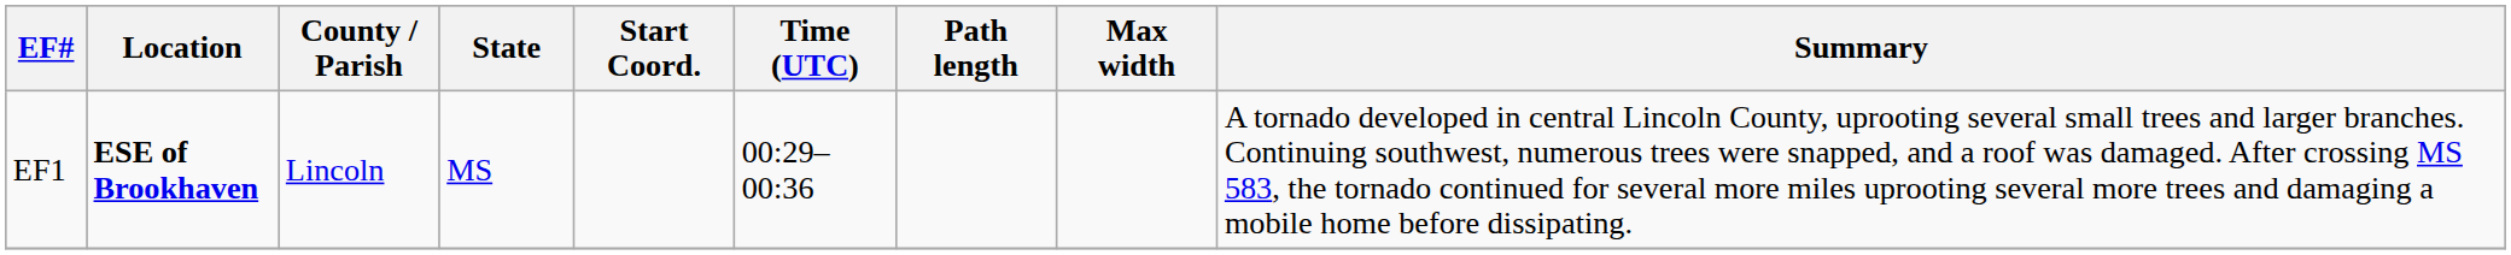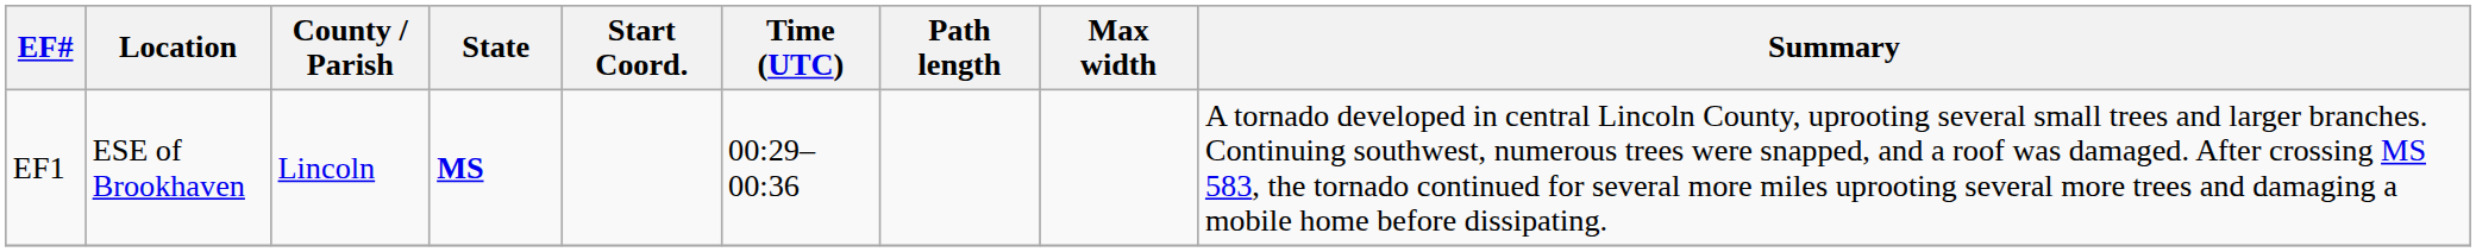 <table class="wikitable sortable" style="width:100%;">
 <tr>
 <th scope="col"  style="width:3%; text-align:center;"><a href='#'>EF#</a></th>
 <th scope="col"  style="width:7%; text-align:center;" class="unsortable">Location</th>
 <th scope="col"  style="width:6%; text-align:center;" class="unsortable">County / Parish</th>
 <th scope="col"  style="width:5%; text-align:center;">State</th>
 <th scope="col"  style="width:6%; text-align:center;">Start Coord.</th>
 <th scope="col"  style="width:6%; text-align:center;">Time (<a href='#'>UTC</a>)</th>
 <th scope="col"  style="width:6%; text-align:center;">Path length</th>
 <th scope="col"  style="width:6%; text-align:center;">Max width</th>
 <th scope="col" class="unsortable" style="width:48%; text-align:center;">Summary</th>
 </tr>
 <tr>
 <td>EF1</td>
-<td><strong>ESE of <a href='#'>Brookhaven</a></strong></td>
+<td>ESE of <a href='#'>Brookhaven</a></td>
 <td><a href='#'>Lincoln</a></td>
-<td><a href='#'>MS</a></td>
+<td><strong><a href='#'>MS</a></strong></td>
 <td></td>
 <td>00:29–00:36</td>
 <td></td>
 <td></td>
 <td>A tornado developed in central Lincoln County, uprooting several small trees and larger branches. Continuing southwest, numerous trees were snapped, and a roof was damaged. After crossing <a href='#'>MS 583</a>, the tornado continued for several more miles uprooting several more trees and damaging a mobile home before dissipating.</td>
 </tr>
 <tr>
 </tr>
 </table>
